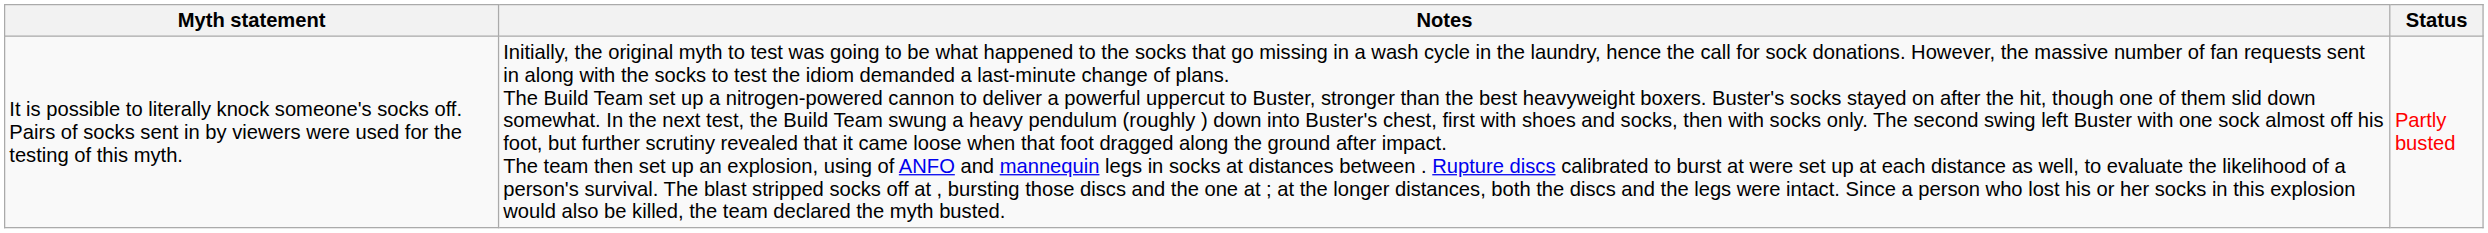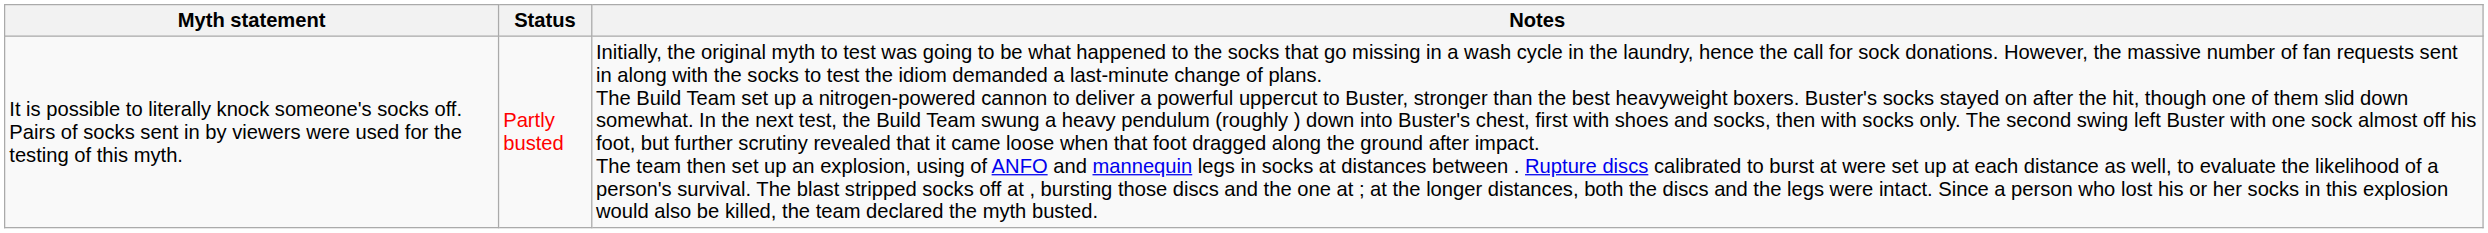 <table class="wikitable plainrowheaders">
 <tr>
 <th>Myth statement</th>
+<th>Status</th>
 <th>Notes</th>
-<th>Status</th>
 </tr>
 <tr>
 <td>It is possible to literally knock someone's socks off. Pairs of socks sent in by viewers were used for the testing of this myth.</td>
+<td style="color:red">Partly busted</td>
 <td>Initially, the original myth to test was going to be what happened to the socks that go missing in a wash cycle in the laundry, hence the call for sock donations. However, the massive number of fan requests sent in along with the socks to test the idiom demanded a last-minute change of plans.<br>The Build Team set up a nitrogen-powered cannon to deliver a powerful uppercut to Buster, stronger than the best heavyweight boxers. Buster's socks stayed on after the hit, though one of them slid down somewhat. In the next test, the Build Team swung a heavy pendulum (roughly ) down into Buster's chest, first with shoes and socks, then with socks only. The second swing left Buster with one sock almost off his foot, but further scrutiny revealed that it came loose when that foot dragged along the ground after impact.<br>The team then set up an explosion, using  of <a href='#'>ANFO</a> and <a href='#'>mannequin</a> legs in socks at distances between . <a href='#'>Rupture discs</a> calibrated to burst at  were set up at each distance as well, to evaluate the likelihood of a person's survival. The blast stripped socks off at , bursting those discs and the one at ; at the longer distances, both the discs and the legs were intact. Since a person who lost his or her socks in this explosion would also be killed, the team declared the myth busted.</td>
-<td style="color:red">Partly busted</td>
 </tr>
 </table>
